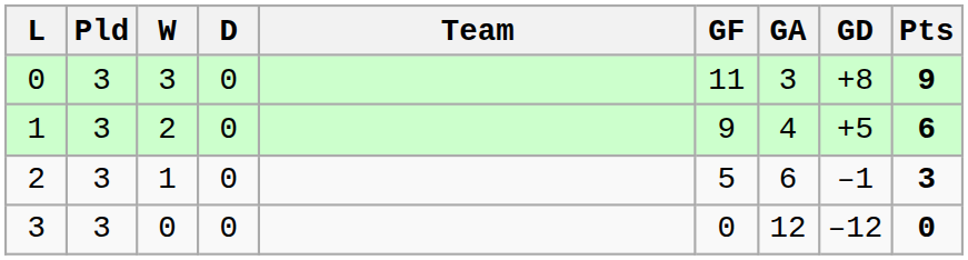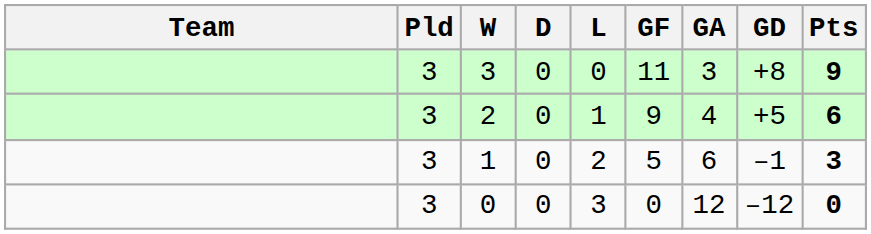 <table class="wikitable" style="text-align:center;">
 <tr>
-<th width=20>L</th>
+<th width=180>Team</th>
 <th width=20>Pld</th>
 <th width=20>W</th>
 <th width=20>D</th>
-<th width=180>Team</th>
+<th width=20>L</th>
 <th width=20>GF</th>
 <th width=20>GA</th>
 <th width=25>GD</th>
 <th width=20>Pts</th>
 </tr>
 <tr bgcolor="#ccffcc">
-<td>0</td>
+<td align="left"><em></em></td>
 <td>3</td>
 <td>3</td>
 <td>0</td>
-<td align="left"><em></em></td>
+<td>0</td>
 <td>11</td>
 <td>3</td>
 <td>+8</td>
 <td><strong>9</strong></td>
 </tr>
 <tr bgcolor="#ccffcc">
-<td>1</td>
+<td align="left"></td>
 <td>3</td>
 <td>2</td>
 <td>0</td>
-<td align="left"></td>
+<td>1</td>
 <td>9</td>
 <td>4</td>
 <td>+5</td>
 <td><strong>6</strong></td>
 </tr>
 <tr>
-<td>2</td>
+<td align="left"></td>
 <td>3</td>
 <td>1</td>
 <td>0</td>
-<td align="left"></td>
+<td>2</td>
 <td>5</td>
 <td>6</td>
 <td>–1</td>
 <td><strong>3</strong></td>
 </tr>
 <tr>
-<td>3</td>
+<td align="left"></td>
 <td>3</td>
 <td>0</td>
 <td>0</td>
-<td align="left"></td>
+<td>3</td>
 <td>0</td>
 <td>12</td>
 <td>–12</td>
 <td><strong>0</strong></td>
 </tr>
 </table>
